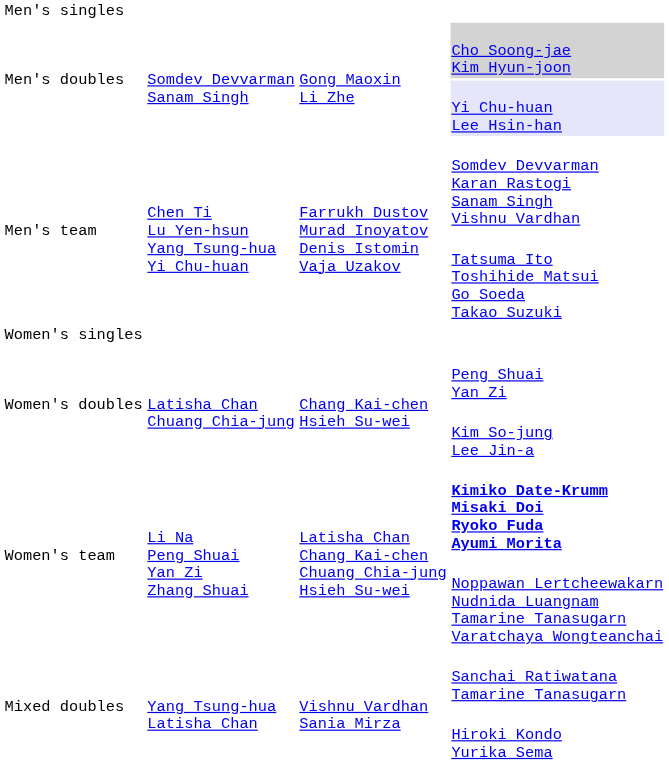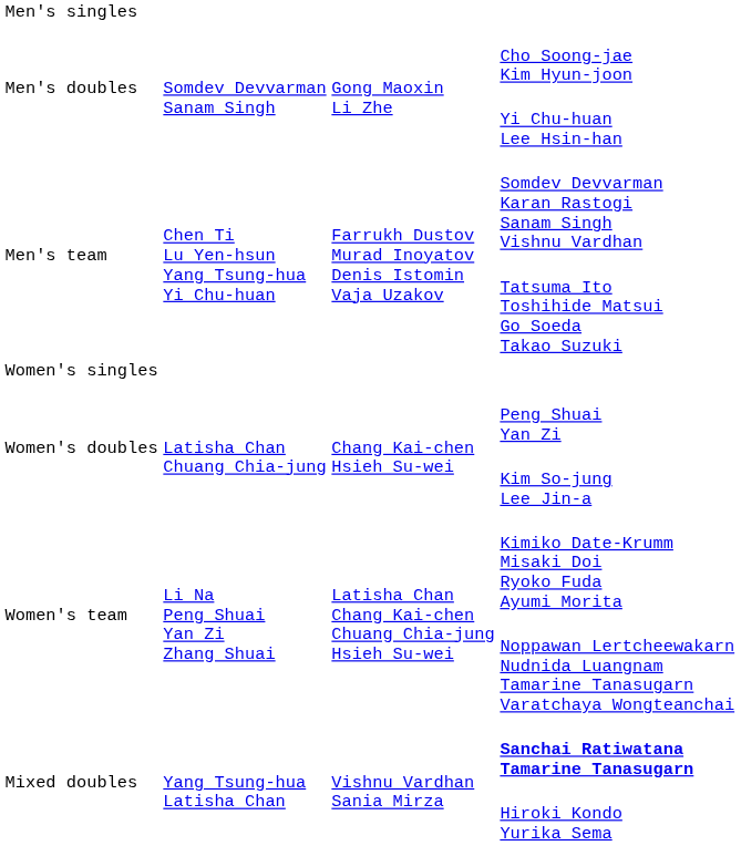 <table>
 <tr>
 <td rowspan=2>Men's singles<br></td>
 <td rowspan=2></td>
 <td rowspan=2></td>
 <td></td>
 </tr>
 <tr>
 <td></td>
 </tr>
 <tr>
 <td rowspan=2>Men's doubles<br></td>
 <td rowspan=2><br><a href='#'>Somdev Devvarman</a><br><a href='#'>Sanam Singh</a></td>
 <td rowspan=2><br><a href='#'>Gong Maoxin</a><br><a href='#'>Li Zhe</a></td>
-<td style="background: lightgrey;"><br><a href='#'>Cho Soong-jae</a><br><a href='#'>Kim Hyun-joon</a></td>
+<td><br><a href='#'>Cho Soong-jae</a><br><a href='#'>Kim Hyun-joon</a></td>
 </tr>
 <tr>
-<td style="background: lavender;"><br><a href='#'>Yi Chu-huan</a><br><a href='#'>Lee Hsin-han</a></td>
+<td><br><a href='#'>Yi Chu-huan</a><br><a href='#'>Lee Hsin-han</a></td>
 </tr>
 <tr>
 <td rowspan=2>Men's team<br></td>
 <td rowspan=2><br><a href='#'>Chen Ti</a><br><a href='#'>Lu Yen-hsun</a><br><a href='#'>Yang Tsung-hua</a><br><a href='#'>Yi Chu-huan</a></td>
 <td rowspan=2><br><a href='#'>Farrukh Dustov</a><br><a href='#'>Murad Inoyatov</a><br><a href='#'>Denis Istomin</a><br><a href='#'>Vaja Uzakov</a></td>
 <td><br><a href='#'>Somdev Devvarman</a><br><a href='#'>Karan Rastogi</a><br><a href='#'>Sanam Singh</a><br><a href='#'>Vishnu Vardhan</a></td>
 </tr>
 <tr>
 <td><br><a href='#'>Tatsuma Ito</a><br><a href='#'>Toshihide Matsui</a><br><a href='#'>Go Soeda</a><br><a href='#'>Takao Suzuki</a></td>
 </tr>
 <tr>
 <td rowspan=2>Women's singles<br></td>
 <td rowspan=2></td>
 <td rowspan=2></td>
 <td></td>
 </tr>
 <tr>
 <td></td>
 </tr>
 <tr>
 <td rowspan=2>Women's doubles<br></td>
 <td rowspan=2><br><a href='#'>Latisha Chan</a><br><a href='#'>Chuang Chia-jung</a></td>
 <td rowspan=2><br><a href='#'>Chang Kai-chen</a><br><a href='#'>Hsieh Su-wei</a></td>
 <td><br><a href='#'>Peng Shuai</a><br><a href='#'>Yan Zi</a></td>
 </tr>
 <tr>
 <td><br><a href='#'>Kim So-jung</a><br><a href='#'>Lee Jin-a</a></td>
 </tr>
 <tr>
 <td rowspan=2>Women's team<br></td>
 <td rowspan=2><br><a href='#'>Li Na</a><br><a href='#'>Peng Shuai</a><br><a href='#'>Yan Zi</a><br><a href='#'>Zhang Shuai</a></td>
 <td rowspan=2><br><a href='#'>Latisha Chan</a><br><a href='#'>Chang Kai-chen</a><br><a href='#'>Chuang Chia-jung</a><br><a href='#'>Hsieh Su-wei</a></td>
-<td><strong><br><a href='#'>Kimiko Date-Krumm</a><br><a href='#'>Misaki Doi</a><br><a href='#'>Ryoko Fuda</a><br><a href='#'>Ayumi Morita</a></strong></td>
+<td><br><a href='#'>Kimiko Date-Krumm</a><br><a href='#'>Misaki Doi</a><br><a href='#'>Ryoko Fuda</a><br><a href='#'>Ayumi Morita</a></td>
 </tr>
 <tr>
 <td><br><a href='#'>Noppawan Lertcheewakarn</a><br><a href='#'>Nudnida Luangnam</a><br><a href='#'>Tamarine Tanasugarn</a><br><a href='#'>Varatchaya Wongteanchai</a></td>
 </tr>
 <tr>
 <td rowspan=2>Mixed doubles<br></td>
 <td rowspan=2><br><a href='#'>Yang Tsung-hua</a><br><a href='#'>Latisha Chan</a></td>
 <td rowspan=2><br><a href='#'>Vishnu Vardhan</a><br><a href='#'>Sania Mirza</a></td>
-<td><br><a href='#'>Sanchai Ratiwatana</a><br><a href='#'>Tamarine Tanasugarn</a></td>
+<td><strong><br><a href='#'>Sanchai Ratiwatana</a><br><a href='#'>Tamarine Tanasugarn</a></strong></td>
 </tr>
 <tr>
 <td><br><a href='#'>Hiroki Kondo</a><br><a href='#'>Yurika Sema</a></td>
 </tr>
 </table>
